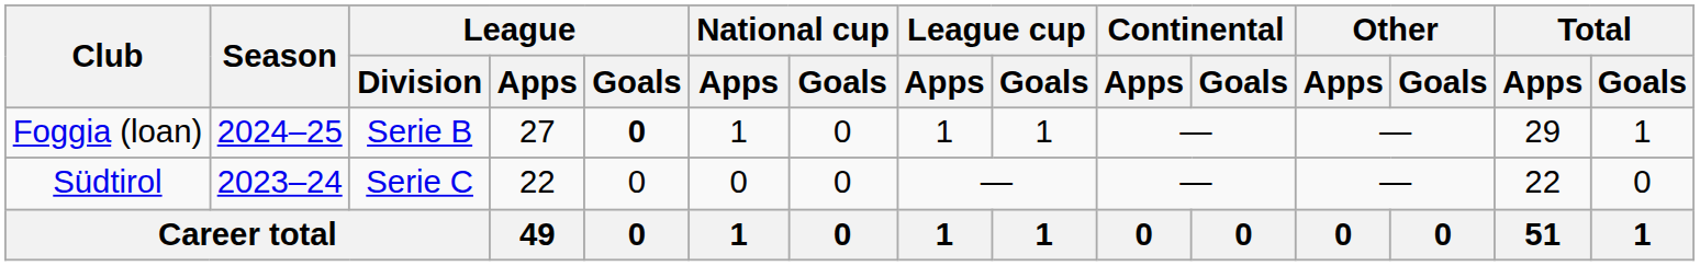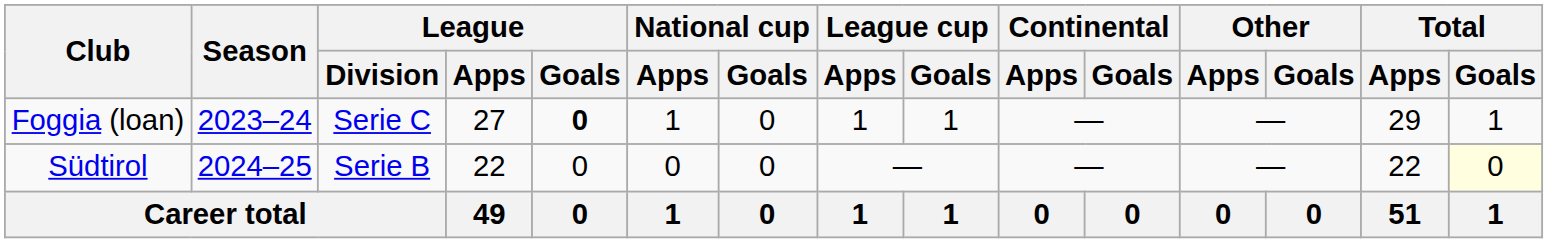 <table class="wikitable" style="text-align:center">
 <tr>
 <th rowspan="2">Club</th>
 <th rowspan="2">Season</th>
 <th colspan="3">League</th>
 <th colspan="2">National cup</th>
 <th colspan="2">League cup</th>
 <th colspan="2">Continental</th>
 <th colspan="2">Other</th>
 <th colspan="2">Total</th>
 </tr>
 <tr>
 <th>Division</th>
 <th>Apps</th>
 <th>Goals</th>
 <th>Apps</th>
 <th>Goals</th>
 <th>Apps</th>
 <th>Goals</th>
 <th>Apps</th>
 <th>Goals</th>
 <th>Apps</th>
 <th>Goals</th>
 <th>Apps</th>
 <th>Goals</th>
 </tr>
 <tr>
 <td><a href='#'>Foggia</a> (loan)</td>
-<td><a href='#'>2024–25</a></td>
-<td><a href='#'>Serie B</a></td>
+<td><a href='#'>2023–24</a></td>
+<td><a href='#'>Serie C</a></td>
 <td>27</td>
 <td><strong>0</strong></td>
 <td>1</td>
 <td>0</td>
 <td>1</td>
 <td>1</td>
 <td colspan="2">—</td>
 <td colspan="2">—</td>
 <td>29</td>
 <td>1</td>
 </tr>
 <tr>
 <td><a href='#'>Südtirol</a></td>
-<td><a href='#'>2023–24</a></td>
-<td><a href='#'>Serie C</a></td>
+<td><a href='#'>2024–25</a></td>
+<td><a href='#'>Serie B</a></td>
 <td>22</td>
 <td>0</td>
 <td>0</td>
 <td>0</td>
 <td colspan="2">—</td>
 <td colspan="2">—</td>
 <td colspan="2">—</td>
 <td>22</td>
-<td>0</td>
+<td style="background: lightyellow;">0</td>
 </tr>
 <tr>
 <th colspan="3">Career total</th>
 <th>49</th>
 <th>0</th>
 <th>1</th>
 <th>0</th>
 <th>1</th>
 <th>1</th>
 <th>0</th>
 <th>0</th>
 <th>0</th>
 <th>0</th>
 <th>51</th>
 <th>1</th>
 </tr>
 </table>
